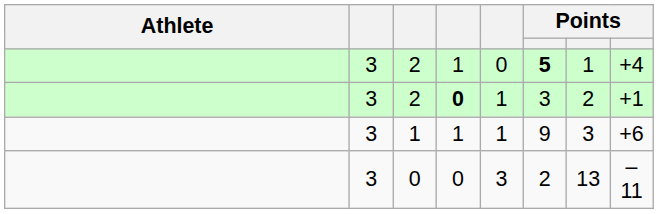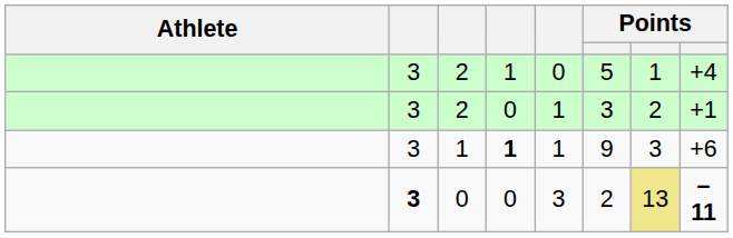 <table class="wikitable" style="text-align: center; font-size:100% ">
 <tr>
 <th rowspan=2 width=250>Athlete</th>
 <th rowspan=2 width=25></th>
 <th rowspan=2 width=25></th>
 <th rowspan=2 width=25></th>
 <th rowspan=2 width=25></th>
 <th colspan=3>Points</th>
 </tr>
 <tr>
 <th width=25></th>
 <th width=25></th>
 <th width=25></th>
 </tr>
 <tr bgcolor="ccffcc">
 <td align=left></td>
 <td>3</td>
 <td>2</td>
 <td>1</td>
 <td>0</td>
-<td><strong>5</strong></td>
+<td>5</td>
 <td>1</td>
 <td>+4</td>
 </tr>
 <tr bgcolor="ccffcc">
 <td align=left></td>
 <td>3</td>
 <td>2</td>
-<td><strong>0</strong></td>
+<td>0</td>
 <td>1</td>
 <td>3</td>
 <td>2</td>
 <td>+1</td>
 </tr>
 <tr>
 <td align=left></td>
 <td>3</td>
 <td>1</td>
-<td>1</td>
+<td><strong>1</strong></td>
 <td>1</td>
 <td>9</td>
 <td>3</td>
 <td>+6</td>
 </tr>
 <tr>
 <td align=left></td>
-<td>3</td>
+<td><strong>3</strong></td>
 <td>0</td>
 <td>0</td>
 <td>3</td>
 <td>2</td>
-<td>13</td>
-<td>–11</td>
+<td style="background: khaki;">13</td>
+<td><strong>–11</strong></td>
 </tr>
 </table>
